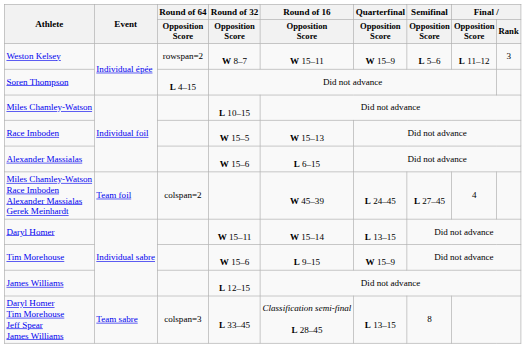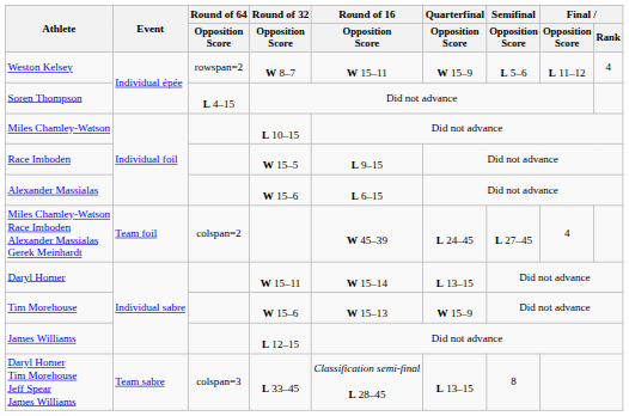 <table class=wikitable style=font-size:90%;text-align:center>
 <tr>
 <th rowspan=2>Athlete</th>
 <th rowspan=2>Event</th>
 <th>Round of 64</th>
 <th>Round of 32</th>
 <th>Round of 16</th>
 <th>Quarterfinal</th>
 <th>Semifinal</th>
 <th colspan=2>Final / </th>
 </tr>
 <tr style=font-size:95%>
 <th>Opposition <br> Score</th>
 <th>Opposition <br> Score</th>
 <th>Opposition <br> Score</th>
 <th>Opposition <br> Score</th>
 <th>Opposition <br> Score</th>
 <th>Opposition <br> Score</th>
 <th>Rank</th>
 </tr>
 <tr>
 <td align=left><a href='#'>Weston Kelsey</a></td>
 <td align=left rowspan=2><a href='#'>Individual épée</a></td>
 <td>rowspan=2 </td>
 <td><br><strong>W</strong> 8–7</td>
 <td><br><strong>W</strong> 15–11</td>
 <td><br><strong>W</strong> 15–9</td>
 <td><br><strong>L</strong> 5–6</td>
 <td><br><strong>L</strong> 11–12</td>
-<td>3</td>
+<td>4</td>
 </tr>
 <tr>
 <td align=left><a href='#'>Soren Thompson</a></td>
 <td><br><strong>L</strong> 4–15</td>
 <td colspan=5>Did not advance</td>
 </tr>
 <tr>
 <td align=left><a href='#'>Miles Chamley-Watson</a></td>
 <td align=left rowspan=3><a href='#'>Individual foil</a></td>
 <td></td>
 <td><br><strong>L</strong> 10–15</td>
 <td colspan=5>Did not advance</td>
 </tr>
 <tr>
 <td align=left><a href='#'>Race Imboden</a></td>
 <td></td>
 <td><br><strong>W</strong> 15–5</td>
-<td><br><strong>W</strong> 15–13</td>
+<td><br><strong>L</strong> 9–15</td>
 <td colspan=4>Did not advance</td>
 </tr>
 <tr>
 <td align=left><a href='#'>Alexander Massialas</a></td>
 <td></td>
 <td><br><strong>W</strong> 15–6</td>
 <td><br><strong>L</strong> 6–15</td>
 <td colspan=4>Did not advance</td>
 </tr>
 <tr>
 <td align=left><a href='#'>Miles Chamley-Watson</a><br><a href='#'>Race Imboden</a><br><a href='#'>Alexander Massialas</a><br><a href='#'>Gerek Meinhardt</a></td>
 <td align=left><a href='#'>Team foil</a></td>
 <td>colspan=2 </td>
 <td></td>
 <td><br><strong>W</strong> 45–39</td>
 <td><br><strong>L</strong> 24–45</td>
 <td><br><strong>L</strong> 27–45</td>
 <td>4</td>
 </tr>
 <tr>
 <td align=left><a href='#'>Daryl Homer</a></td>
 <td align=left rowspan=3><a href='#'>Individual sabre</a></td>
 <td></td>
 <td><br><strong>W</strong> 15–11</td>
 <td><br><strong>W</strong> 15–14</td>
 <td><br><strong>L</strong> 13–15</td>
 <td colspan=3>Did not advance</td>
 </tr>
 <tr>
 <td align=left><a href='#'>Tim Morehouse</a></td>
 <td></td>
 <td><br><strong>W</strong> 15–6</td>
-<td><br><strong>L</strong> 9–15</td>
+<td><br><strong>W</strong> 15–13</td>
 <td><br><strong>W</strong> 15–9</td>
 <td colspan=3>Did not advance</td>
 </tr>
 <tr>
 <td align=left><a href='#'>James Williams</a></td>
 <td></td>
 <td><br><strong>L</strong> 12–15</td>
 <td colspan=5>Did not advance</td>
 </tr>
 <tr>
 <td align=left><a href='#'>Daryl Homer</a><br><a href='#'>Tim Morehouse</a><br><a href='#'>Jeff Spear</a><br><a href='#'>James Williams</a></td>
 <td align=left><a href='#'>Team sabre</a></td>
 <td>colspan=3 </td>
 <td><br><strong>L</strong> 33–45</td>
 <td><em>Classification semi-final</em><br><br><strong>L</strong> 28–45</td>
 <td><br><strong>L</strong> 13–15</td>
 <td>8</td>
 </tr>
 </table>
